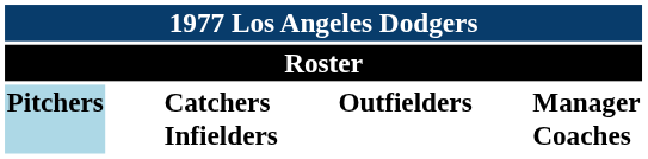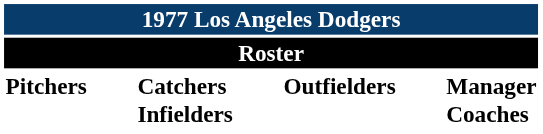 <table class="toccolours" style="font-size: 95%;">
 <tr>
 <th colspan="10" style="background-color: #083c6b; color: white; text-align: center;">1977 Los Angeles Dodgers</th>
 </tr>
 <tr>
 <td colspan="10" style="background-color: black; color: white; text-align: center;"><strong>Roster</strong></td>
 </tr>
 <tr>
-<td valign="top" style="background: lightblue;"><strong>Pitchers</strong><br>               </td>
+<td valign="top"><strong>Pitchers</strong><br>               </td>
 <td width="25px"></td>
 <td valign="top"><strong>Catchers</strong><br>    <strong>Infielders</strong>         </td>
 <td width="25px"></td>
 <td valign="top"><strong>Outfielders</strong><br>         </td>
 <td width="25px"></td>
 <td valign="top"><strong>Manager</strong><br> <strong>Coaches</strong>     </td>
 </tr>
 </table>
